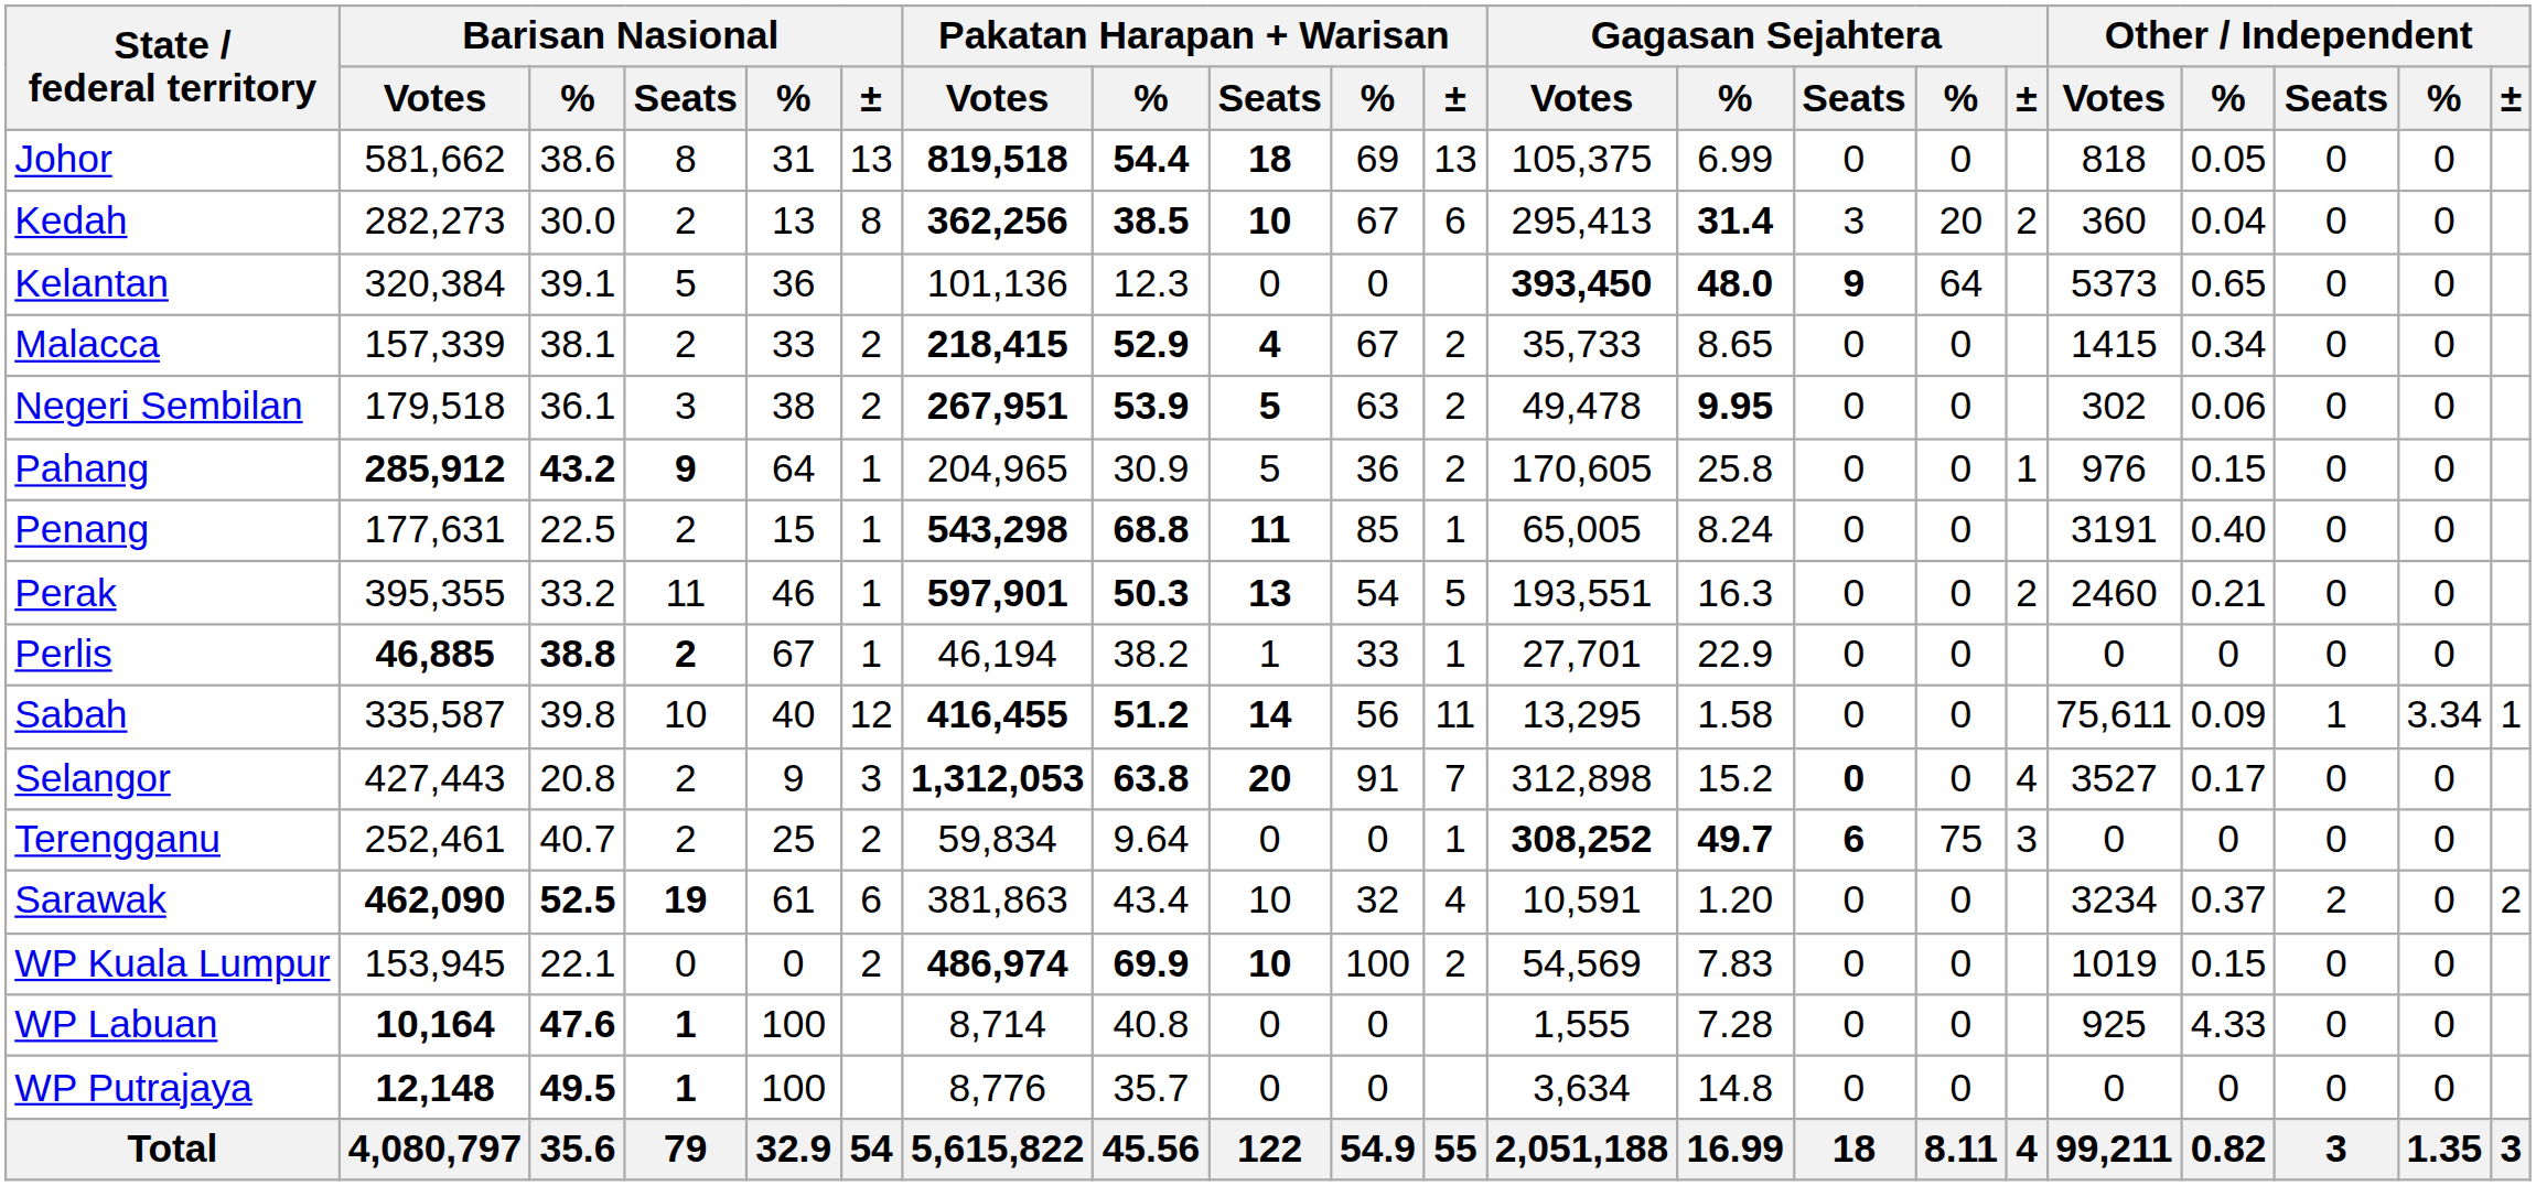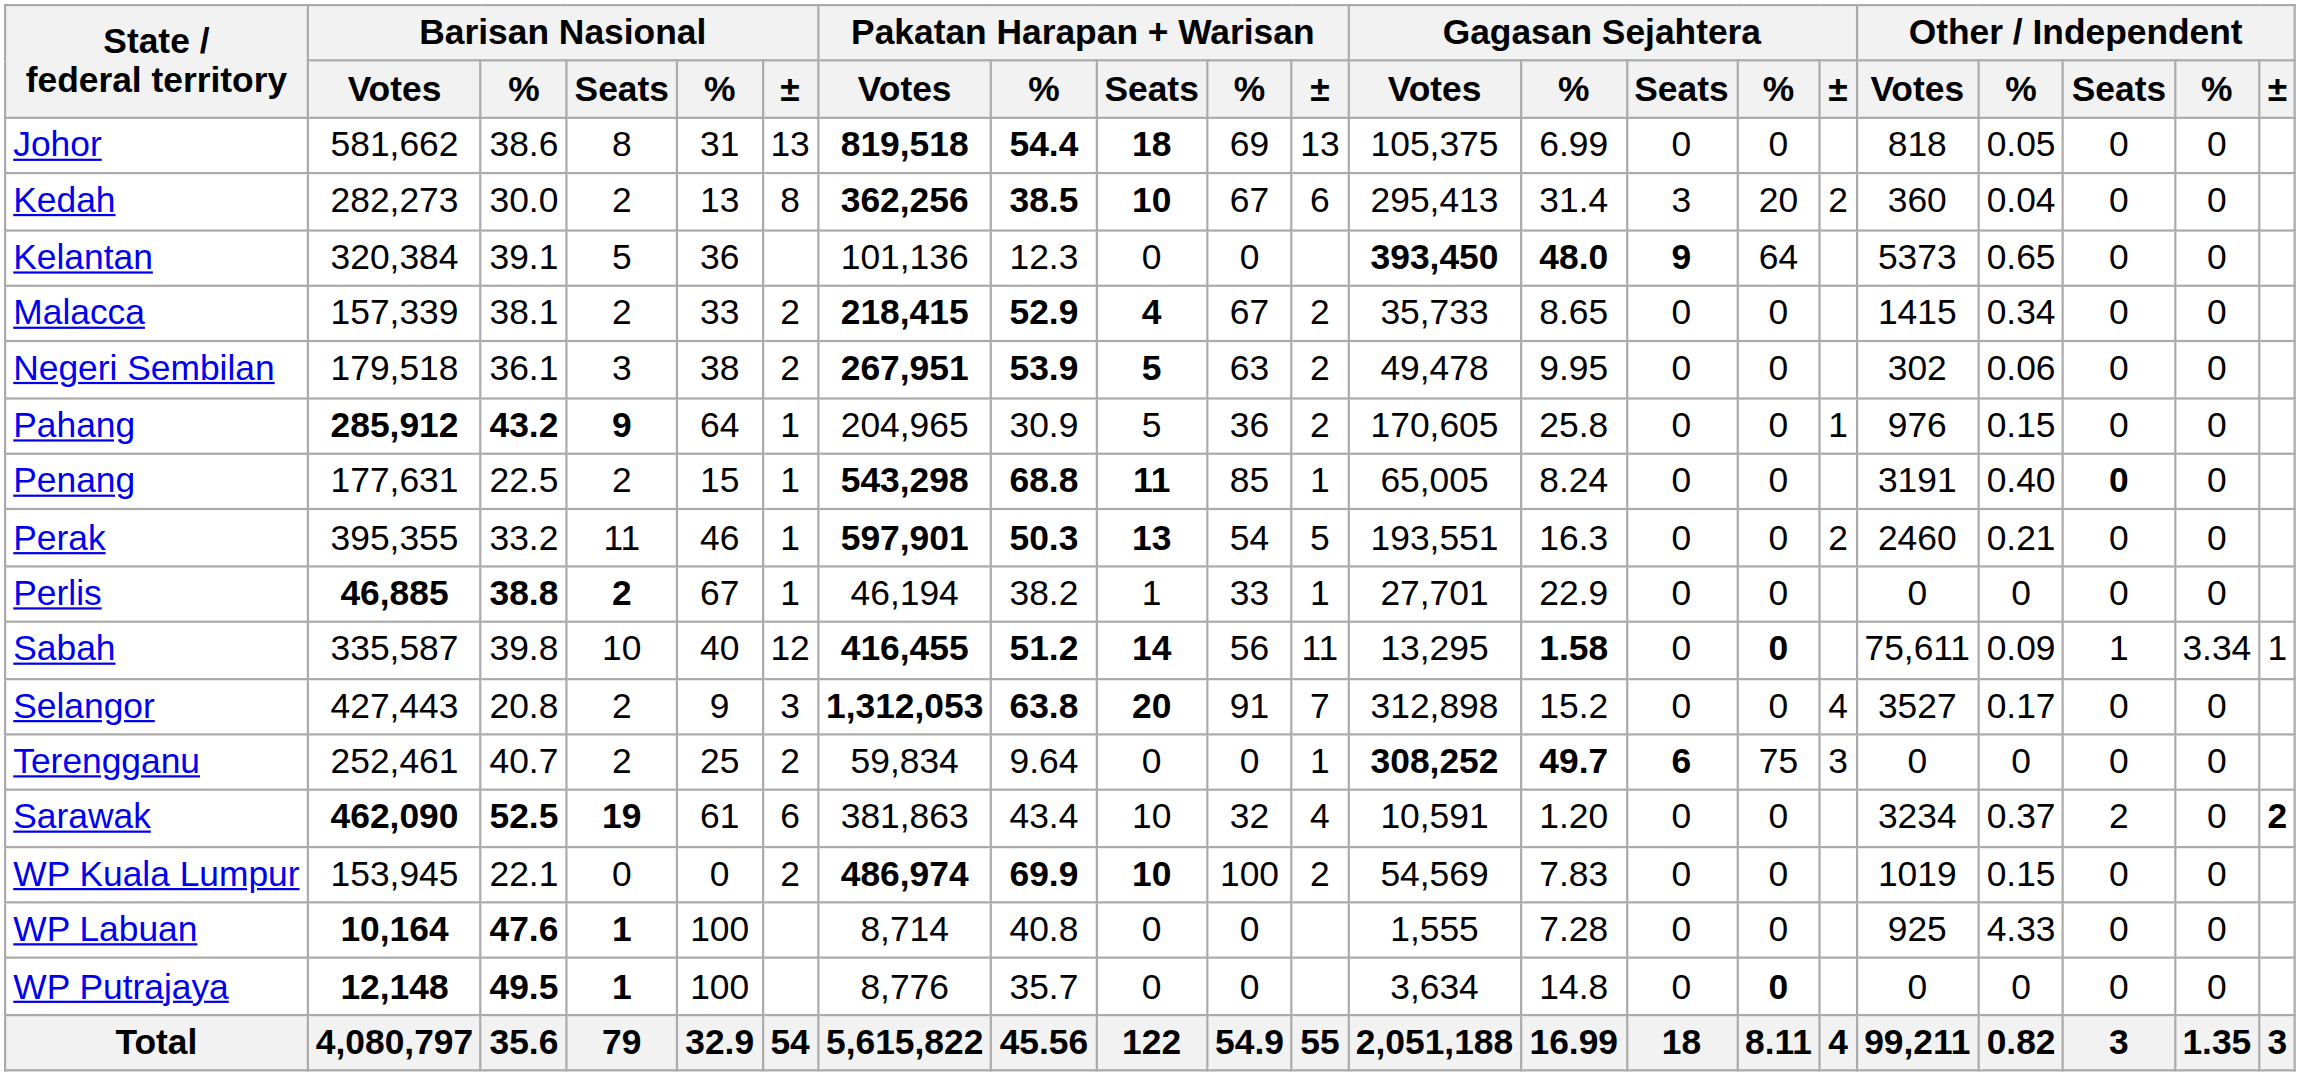 <table class="wikitable sortable" style="background:#FFFFFF;color:#000000;">
 <tr>
 <th colspan="1" rowspan="2">State / <br>federal territory</th>
 <th colspan="5" style="background:">Barisan Nasional</th>
 <th colspan="5" style="background:">Pakatan Harapan + Warisan</th>
 <th colspan="5" style="background:">Gagasan Sejahtera</th>
 <th colspan="5" style="background:">Other / Independent</th>
 </tr>
 <tr>
 <th>Votes</th>
 <th>%</th>
 <th>Seats</th>
 <th>%</th>
 <th>±</th>
 <th>Votes</th>
 <th>%</th>
 <th>Seats</th>
 <th>%</th>
 <th>±</th>
 <th>Votes</th>
 <th>%</th>
 <th>Seats</th>
 <th>%</th>
 <th>±</th>
 <th>Votes</th>
 <th>%</th>
 <th>Seats</th>
 <th>%</th>
 <th>±</th>
 </tr>
 <tr style="text-align:center;">
 <td style="text-align:left;"> <a href='#'>Johor</a></td>
 <td>581,662</td>
 <td>38.6</td>
 <td>8</td>
 <td>31</td>
 <td>13</td>
 <td><strong>819,518</strong></td>
 <td><strong>54.4</strong></td>
 <td><strong>18</strong></td>
 <td>69</td>
 <td>13</td>
 <td>105,375</td>
 <td>6.99</td>
 <td>0</td>
 <td>0</td>
 <td></td>
 <td>818</td>
 <td>0.05</td>
 <td>0</td>
 <td>0</td>
 <td></td>
 </tr>
 <tr style="text-align:center;">
 <td style="text-align:left;"> <a href='#'>Kedah</a></td>
 <td>282,273</td>
 <td>30.0</td>
 <td>2</td>
 <td>13</td>
 <td>8</td>
 <td><strong>362,256</strong></td>
 <td><strong>38.5</strong></td>
 <td><strong>10</strong></td>
 <td>67</td>
 <td>6</td>
 <td>295,413</td>
-<td><strong>31.4</strong></td>
+<td>31.4</td>
 <td>3</td>
 <td>20</td>
 <td>2</td>
 <td>360</td>
 <td>0.04</td>
 <td>0</td>
 <td>0</td>
 <td></td>
 </tr>
 <tr style="text-align:center;">
 <td style="text-align:left;"> <a href='#'>Kelantan</a></td>
 <td>320,384</td>
 <td>39.1</td>
 <td>5</td>
 <td>36</td>
 <td></td>
 <td>101,136</td>
 <td>12.3</td>
 <td>0</td>
 <td>0</td>
 <td></td>
 <td><strong>393,450</strong></td>
 <td><strong>48.0</strong></td>
 <td><strong>9</strong></td>
 <td>64</td>
 <td></td>
 <td>5373</td>
 <td>0.65</td>
 <td>0</td>
 <td>0</td>
 <td></td>
 </tr>
 <tr style="text-align:center;">
 <td style="text-align:left;"> <a href='#'>Malacca</a></td>
 <td>157,339</td>
 <td>38.1</td>
 <td>2</td>
 <td>33</td>
 <td>2</td>
 <td><strong>218,415</strong></td>
 <td><strong>52.9</strong></td>
 <td><strong>4</strong></td>
 <td>67</td>
 <td>2</td>
 <td>35,733</td>
 <td>8.65</td>
 <td>0</td>
 <td>0</td>
 <td></td>
 <td>1415</td>
 <td>0.34</td>
 <td>0</td>
 <td>0</td>
 <td></td>
 </tr>
 <tr style="text-align:center;">
 <td style="text-align:left;"> <a href='#'>Negeri Sembilan</a></td>
 <td>179,518</td>
 <td>36.1</td>
 <td>3</td>
 <td>38</td>
 <td>2</td>
 <td><strong>267,951</strong></td>
 <td><strong>53.9</strong></td>
 <td><strong>5</strong></td>
 <td>63</td>
 <td>2</td>
 <td>49,478</td>
-<td><strong>9.95</strong></td>
+<td>9.95</td>
 <td>0</td>
 <td>0</td>
 <td></td>
 <td>302</td>
 <td>0.06</td>
 <td>0</td>
 <td>0</td>
 <td></td>
 </tr>
 <tr style="text-align:center;">
 <td style="text-align:left;"> <a href='#'>Pahang</a></td>
 <td><strong>285,912</strong></td>
 <td><strong>43.2</strong></td>
 <td><strong>9</strong></td>
 <td>64</td>
 <td>1</td>
 <td>204,965</td>
 <td>30.9</td>
 <td>5</td>
 <td>36</td>
 <td>2</td>
 <td>170,605</td>
 <td>25.8</td>
 <td>0</td>
 <td>0</td>
 <td>1</td>
 <td>976</td>
 <td>0.15</td>
 <td>0</td>
 <td>0</td>
 <td></td>
 </tr>
 <tr style="text-align:center;">
 <td style="text-align:left;"> <a href='#'>Penang</a></td>
 <td>177,631</td>
 <td>22.5</td>
 <td>2</td>
 <td>15</td>
 <td>1</td>
 <td><strong>543,298</strong></td>
 <td><strong>68.8</strong></td>
 <td><strong>11</strong></td>
 <td>85</td>
 <td>1</td>
 <td>65,005</td>
 <td>8.24</td>
 <td>0</td>
 <td>0</td>
 <td></td>
 <td>3191</td>
 <td>0.40</td>
-<td>0</td>
+<td><strong>0</strong></td>
 <td>0</td>
 <td></td>
 </tr>
 <tr style="text-align:center;">
 <td style="text-align:left;"> <a href='#'>Perak</a></td>
 <td>395,355</td>
 <td>33.2</td>
 <td>11</td>
 <td>46</td>
 <td>1</td>
 <td><strong>597,901</strong></td>
 <td><strong>50.3</strong></td>
 <td><strong>13</strong></td>
 <td>54</td>
 <td>5</td>
 <td>193,551</td>
 <td>16.3</td>
 <td>0</td>
 <td>0</td>
 <td>2</td>
 <td>2460</td>
 <td>0.21</td>
 <td>0</td>
 <td>0</td>
 <td></td>
 </tr>
 <tr style="text-align:center;">
 <td style="text-align:left;"> <a href='#'>Perlis</a></td>
 <td><strong>46,885</strong></td>
 <td><strong>38.8</strong></td>
 <td><strong>2</strong></td>
 <td>67</td>
 <td>1</td>
 <td>46,194</td>
 <td>38.2</td>
 <td>1</td>
 <td>33</td>
 <td>1</td>
 <td>27,701</td>
 <td>22.9</td>
 <td>0</td>
 <td>0</td>
 <td></td>
 <td>0</td>
 <td>0</td>
 <td>0</td>
 <td>0</td>
 <td></td>
 </tr>
 <tr style="text-align:center;">
 <td style="text-align:left;"> <a href='#'>Sabah</a></td>
 <td>335,587</td>
 <td>39.8</td>
 <td>10</td>
 <td>40</td>
 <td>12</td>
 <td><strong>416,455</strong></td>
 <td><strong>51.2</strong></td>
 <td><strong>14</strong></td>
 <td>56</td>
 <td>11</td>
 <td>13,295</td>
-<td>1.58</td>
+<td><strong>1.58</strong></td>
 <td>0</td>
-<td>0</td>
+<td><strong>0</strong></td>
 <td></td>
 <td>75,611</td>
 <td>0.09</td>
 <td>1</td>
 <td>3.34</td>
 <td>1</td>
 </tr>
 <tr style="text-align:center;">
 <td style="text-align:left;"> <a href='#'>Selangor</a></td>
 <td>427,443</td>
 <td>20.8</td>
 <td>2</td>
 <td>9</td>
 <td>3</td>
 <td><strong>1,312,053</strong></td>
 <td><strong>63.8</strong></td>
 <td><strong>20</strong></td>
 <td>91</td>
 <td>7</td>
 <td>312,898</td>
 <td>15.2</td>
-<td><strong>0</strong></td>
+<td>0</td>
 <td>0</td>
 <td>4</td>
 <td>3527</td>
 <td>0.17</td>
 <td>0</td>
 <td>0</td>
 <td></td>
 </tr>
 <tr style="text-align:center;">
 <td style="text-align:left;"> <a href='#'>Terengganu</a></td>
 <td>252,461</td>
 <td>40.7</td>
 <td>2</td>
 <td>25</td>
 <td>2</td>
 <td>59,834</td>
 <td>9.64</td>
 <td>0</td>
 <td>0</td>
 <td>1</td>
 <td><strong>308,252</strong></td>
 <td><strong>49.7</strong></td>
 <td><strong>6</strong></td>
 <td>75</td>
 <td>3</td>
 <td>0</td>
 <td>0</td>
 <td>0</td>
 <td>0</td>
 <td></td>
 </tr>
 <tr style="text-align:center;">
 <td style="text-align:left;"> <a href='#'>Sarawak</a></td>
 <td><strong>462,090</strong></td>
 <td><strong>52.5</strong></td>
 <td><strong>19</strong></td>
 <td>61</td>
 <td>6</td>
 <td>381,863</td>
 <td>43.4</td>
 <td>10</td>
 <td>32</td>
 <td>4</td>
 <td>10,591</td>
 <td>1.20</td>
 <td>0</td>
 <td>0</td>
 <td></td>
 <td>3234</td>
 <td>0.37</td>
 <td>2</td>
 <td>0</td>
-<td>2</td>
+<td><strong>2</strong></td>
 </tr>
 <tr style="text-align:center;">
 <td style="text-align:left;"> <a href='#'>WP Kuala Lumpur</a></td>
 <td>153,945</td>
 <td>22.1</td>
 <td>0</td>
 <td>0</td>
 <td>2</td>
 <td><strong>486,974</strong></td>
 <td><strong>69.9</strong></td>
 <td><strong>10</strong></td>
 <td>100</td>
 <td>2</td>
 <td>54,569</td>
 <td>7.83</td>
 <td>0</td>
 <td>0</td>
 <td></td>
 <td>1019</td>
 <td>0.15</td>
 <td>0</td>
 <td>0</td>
 <td></td>
 </tr>
 <tr style="text-align:center;">
 <td style="text-align:left;"> <a href='#'>WP Labuan</a></td>
 <td><strong>10,164</strong></td>
 <td><strong>47.6</strong></td>
 <td><strong>1</strong></td>
 <td>100</td>
 <td></td>
 <td>8,714</td>
 <td>40.8</td>
 <td>0</td>
 <td>0</td>
 <td></td>
 <td>1,555</td>
 <td>7.28</td>
 <td>0</td>
 <td>0</td>
 <td></td>
 <td>925</td>
 <td>4.33</td>
 <td>0</td>
 <td>0</td>
 <td></td>
 </tr>
 <tr style="text-align:center;">
 <td style="text-align:left;"> <a href='#'>WP Putrajaya</a></td>
 <td><strong>12,148</strong></td>
 <td><strong>49.5</strong></td>
 <td><strong>1</strong></td>
 <td>100</td>
 <td></td>
 <td>8,776</td>
 <td>35.7</td>
 <td>0</td>
 <td>0</td>
 <td></td>
 <td>3,634</td>
 <td>14.8</td>
 <td>0</td>
-<td>0</td>
+<td><strong>0</strong></td>
 <td></td>
 <td>0</td>
 <td>0</td>
 <td>0</td>
 <td>0</td>
 <td></td>
 </tr>
 <tr style="text-align:center;">
 <th>Total</th>
 <th>4,080,797</th>
 <th>35.6</th>
 <th>79</th>
 <th>32.9</th>
 <th>54</th>
 <th>5,615,822</th>
 <th>45.56</th>
 <th>122</th>
 <th>54.9</th>
 <th>55</th>
 <th>2,051,188</th>
 <th>16.99</th>
 <th>18</th>
 <th>8.11</th>
 <th>4</th>
 <th>99,211</th>
 <th>0.82</th>
 <th>3</th>
 <th>1.35</th>
 <th>3</th>
 </tr>
 </table>
